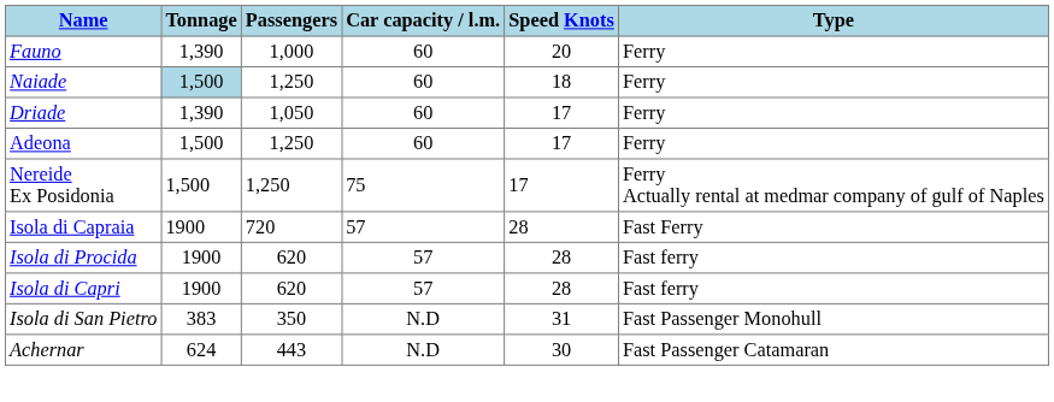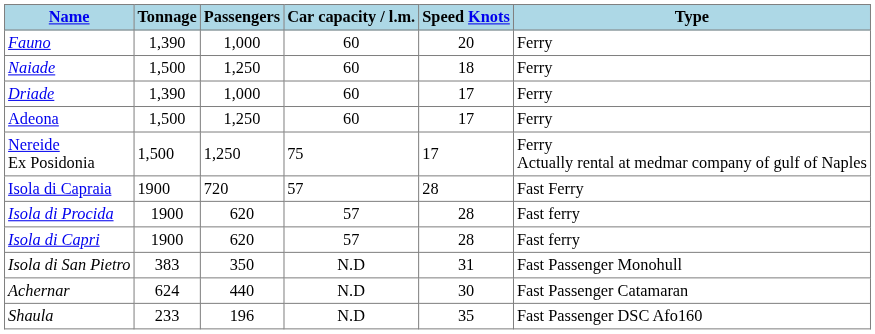 <table class="toccolours" border="1" cellpadding="3" style="border-collapse:collapse">
 <tr bgcolor=lightblue>
 <th><a href='#'>Name</a></th>
 <th>Tonnage</th>
 <th>Passengers</th>
 <th>Car capacity / l.m.</th>
 <th>Speed <a href='#'>Knots</a></th>
 <th>Type</th>
 </tr>
 <tr>
 <td><em><a href='#'>Fauno</a></em></td>
 <td align=center>1,390</td>
 <td align=center>1,000</td>
 <td align=center>60</td>
 <td align=center>20</td>
 <td>Ferry</td>
 </tr>
 <tr>
 <td><em><a href='#'>Naiade</a></em></td>
-<td align=center style="background: lightblue;">1,500</td>
+<td align=center>1,500</td>
 <td align=center>1,250</td>
 <td align=center>60</td>
 <td align=center>18</td>
 <td>Ferry</td>
 </tr>
 <tr>
 <td><em><a href='#'>Driade</a></em></td>
 <td align=center>1,390</td>
-<td align=center>1,050</td>
+<td align=center>1,000</td>
 <td align=center>60</td>
 <td align=center>17</td>
 <td>Ferry</td>
 </tr>
 <tr>
 <td><a href='#'>Adeona</a></td>
 <td align=center>1,500</td>
 <td align=center>1,250</td>
 <td align=center>60</td>
 <td align=center>17</td>
 <td>Ferry</td>
 </tr>
 <tr>
 <td><a href='#'>Nereide</a><br>Ex Posidonia</td>
 <td>1,500</td>
 <td>1,250</td>
 <td>75</td>
 <td>17</td>
 <td>Ferry<br>Actually rental at medmar  company of gulf of Naples</td>
 </tr>
 <tr>
 <td><a href='#'>Isola di Capraia</a></td>
 <td>1900</td>
 <td>720</td>
 <td>57</td>
 <td>28</td>
 <td>Fast Ferry</td>
 </tr>
 <tr>
 <td><em><a href='#'>Isola di Procida</a></em></td>
 <td align=center>1900</td>
 <td align=center>620</td>
 <td align=center>57</td>
 <td align=center>28</td>
 <td>Fast ferry</td>
 </tr>
 <tr>
 <td><em><a href='#'>Isola di Capri</a></em></td>
 <td align=center>1900</td>
 <td align=center>620</td>
 <td align=center>57</td>
 <td align=center>28</td>
 <td>Fast ferry</td>
 </tr>
 <tr>
 <td><em>Isola di San Pietro</em></td>
 <td align=center>383</td>
 <td align=center>350</td>
 <td align=center>N.D</td>
 <td align=center>31</td>
 <td>Fast Passenger Monohull</td>
 </tr>
 <tr>
 <td><em>Achernar</em></td>
 <td align=center>624</td>
-<td align=center>443</td>
+<td align=center>440</td>
 <td align=center>N.D</td>
 <td align=center>30</td>
 <td>Fast Passenger Catamaran</td>
 </tr>
+<tr>
+<td><em>Shaula</em></td>
+<td align=center>233</td>
+<td align=center>196</td>
+<td align=center>N.D</td>
+<td align=center>35</td>
+<td>Fast Passenger DSC Afo160</td>
+</tr>
 </table>
